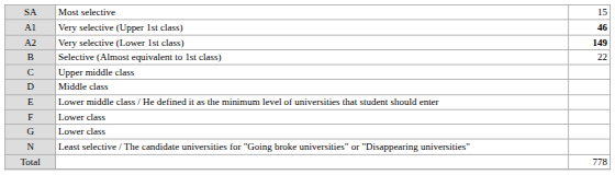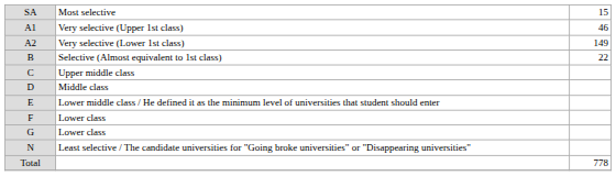 <table class="wikitable">
 <tr style="background:#ffffff;">
 <td style="font-size:8pt;width:50px; text-align:center;background-color:#ddd;">SA</td>
 <td style="font-size:8pt;width:500px; text-align:center;background-color:white;text-align:left;vertical-align: super;">Most selective</td>
 <td style="font-size:8pt;width:40px; text-align:center;background-color:white;text-align:right;vertical-align: super;">15</td>
 </tr>
 <tr>
 <td style="font-size:8pt;width:50px; text-align:center;background-color:#ddd;">A1</td>
 <td style="font-size:8pt;width:500px; text-align:center;background-color:white;text-align:left;vertical-align: super;">Very selective (Upper 1st class)</td>
-<td style="font-size:8pt;width:40px; text-align:center;background-color:white;text-align:right;vertical-align: super;"><strong>46</strong></td>
+<td style="font-size:8pt;width:40px; text-align:center;background-color:white;text-align:right;vertical-align: super;">46</td>
 </tr>
 <tr>
 <td style="font-size:8pt;width:50px; text-align:center;background-color:#ddd;">A2</td>
 <td style="font-size:8pt;width:500px; text-align:center;background-color:white;text-align:left;vertical-align: super;">Very selective (Lower 1st class)</td>
-<td style="font-size:8pt;width:40px; text-align:center;background-color:white;text-align:right;vertical-align: super;"><strong>149</strong></td>
+<td style="font-size:8pt;width:40px; text-align:center;background-color:white;text-align:right;vertical-align: super;">149</td>
 </tr>
 <tr>
 <td style="font-size:8pt;width:50px; text-align:center;background-color:#ddd;">B</td>
 <td style="font-size:8pt;width:500px; text-align:center;background-color:white;text-align:left;vertical-align: super;">Selective (Almost equivalent to 1st class)</td>
 <td style="font-size:8pt;width:40px; text-align:center;background-color:white;text-align:right;vertical-align: super;">22</td>
 </tr>
 <tr>
 <td style="font-size:8pt;width:50px; text-align:center;background-color:#ddd;">C</td>
 <td style="font-size:8pt;width:500px; text-align:center;background-color:white;text-align:left;vertical-align: super;">Upper middle class</td>
 <td style="font-size:8pt;width:40px; text-align:center;background-color:white;text-align:right;vertical-align: super;"></td>
 </tr>
 <tr>
 <td style="font-size:8pt;width:50px; text-align:center;background-color:#ddd;">D</td>
 <td style="font-size:8pt;width:500px; text-align:center;background-color:white;text-align:left;vertical-align: super;">Middle class</td>
 <td style="font-size:8pt;width:40px; text-align:center;background-color:white;text-align:right;vertical-align: super;"></td>
 </tr>
 <tr>
 <td style="font-size:8pt;width:50px; text-align:center;background-color:#ddd;">E</td>
 <td style="font-size:8pt;width:500px; text-align:center;background-color:white;text-align:left;vertical-align: super;">Lower middle class / He defined it as the minimum level of universities that student should enter</td>
 <td style="font-size:8pt;width:40px; text-align:center;background-color:white;text-align:right;vertical-align: super;"></td>
 </tr>
 <tr>
 <td style="font-size:8pt;width:50px; text-align:center;background-color:#ddd;">F</td>
 <td style="font-size:8pt;width:500px; text-align:center;background-color:white;text-align:left;vertical-align: super;">Lower class</td>
 <td style="font-size:8pt;width:40px; text-align:center;background-color:white;text-align:right;vertical-align: super;"></td>
 </tr>
 <tr>
 <td style="font-size:8pt;width:50px; text-align:center;background-color:#ddd;">G</td>
 <td style="font-size:8pt;width:500px; text-align:center;background-color:white;text-align:left;vertical-align: super;">Lower class</td>
 <td style="font-size:8pt;width:40px; text-align:center;background-color:white;text-align:right;vertical-align: super;"></td>
 </tr>
 <tr>
 <td style="font-size:8pt;width:50px; text-align:center;background-color:#ddd;">N</td>
 <td style="font-size:8pt;width:550px; text-align:center;background-color:white;text-align:left;vertical-align: super;">Least selective / The candidate universities for "Going broke universities" or "Disappearing universities"</td>
 <td style="font-size:8pt;width:40px; text-align:center;background-color:white;text-align:right;vertical-align: super;"></td>
 </tr>
 <tr>
 <td style="font-size:8pt;width:50px; text-align:center;background-color:#ddd;">Total</td>
 <td style="font-size:8pt;width:550px; text-align:center;background-color:white;text-align:left;vertical-align: super;"></td>
 <td style="font-size:8pt;width:40px; text-align:center;background-color:white;text-align:right;vertical-align: super;"> 778</td>
 </tr>
 <tr>
 </tr>
 </table>
